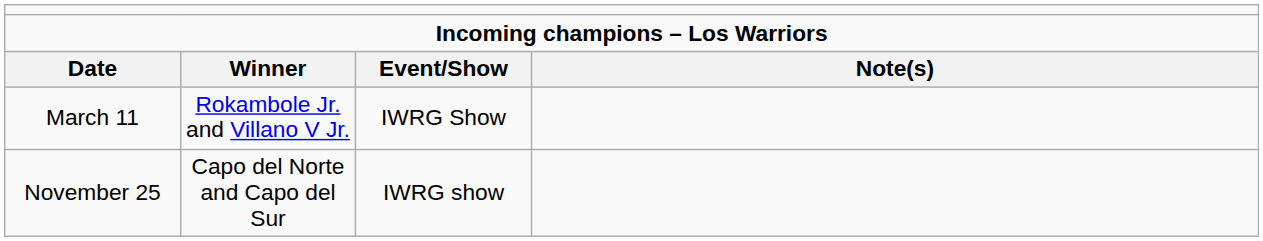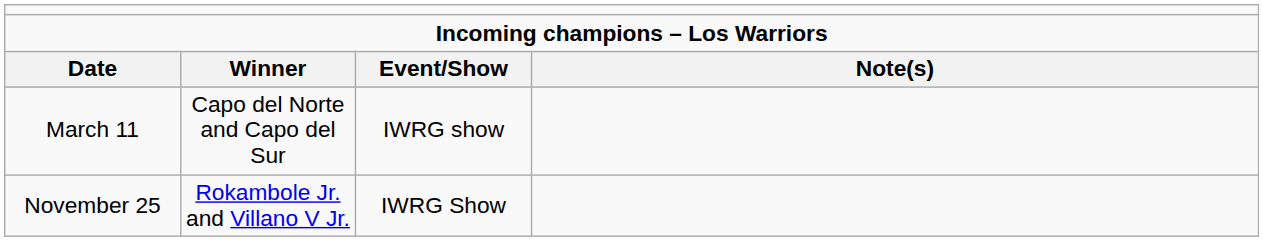 <table class="wikitable" style="text-align:center; width:100%;">
 <tr>
 <td colspan="5"></td>
 </tr>
 <tr>
 <td colspan="5"><strong>Incoming champions – Los Warriors </strong></td>
 </tr>
 <tr>
 <th style="width:14%;">Date</th>
 <th style="width:14%;">Winner</th>
 <th style="width:14%;">Event/Show</th>
 <th style="width:58%;">Note(s)</th>
 </tr>
 <tr>
 <td>March 11</td>
+<td>Capo del Norte and Capo del Sur</td>
+<td>IWRG show</td>
+<td></td>
+</tr>
+<tr>
+<td>November 25</td>
 <td><a href='#'>Rokambole Jr.</a> and <a href='#'>Villano V Jr.</a></td>
 <td>IWRG Show</td>
 <td></td>
 </tr>
-<tr>
-<td>November 25</td>
-<td>Capo del Norte and Capo del Sur</td>
-<td>IWRG show</td>
-<td></td>
-</tr>
 </table>
